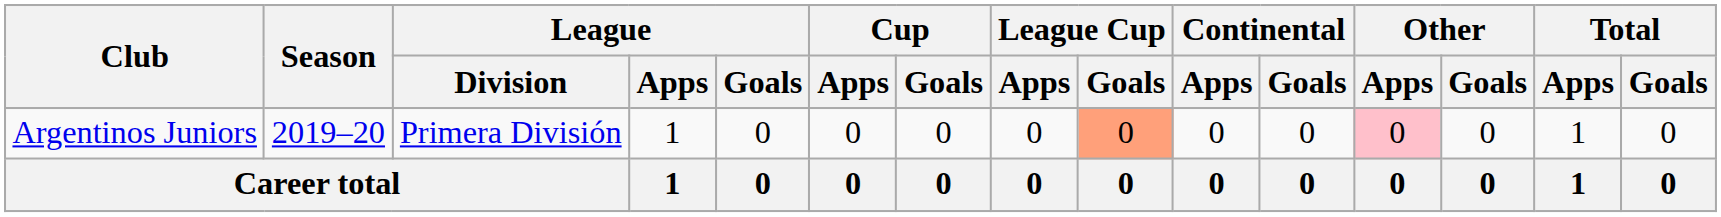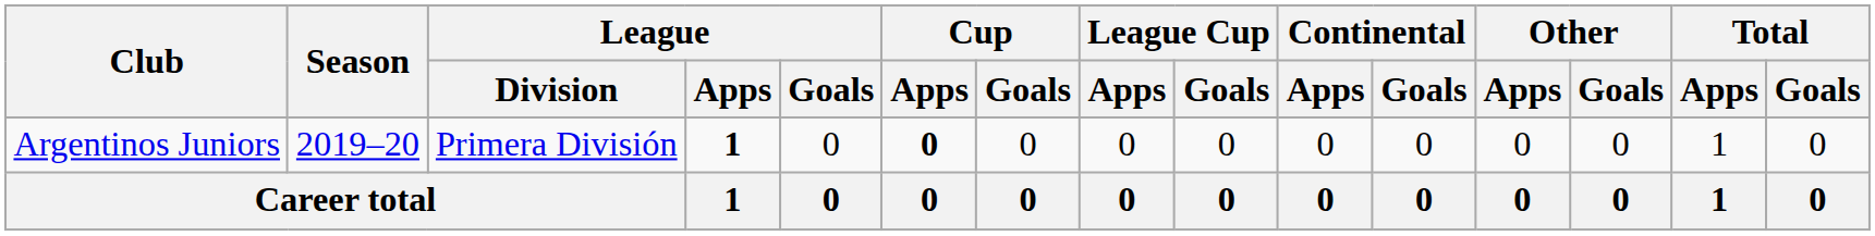 <table class="wikitable" style="text-align:center">
 <tr>
 <th rowspan="2">Club</th>
 <th rowspan="2">Season</th>
 <th colspan="3">League</th>
 <th colspan="2">Cup</th>
 <th colspan="2">League Cup</th>
 <th colspan="2">Continental</th>
 <th colspan="2">Other</th>
 <th colspan="2">Total</th>
 </tr>
 <tr>
 <th>Division</th>
 <th>Apps</th>
 <th>Goals</th>
 <th>Apps</th>
 <th>Goals</th>
 <th>Apps</th>
 <th>Goals</th>
 <th>Apps</th>
 <th>Goals</th>
 <th>Apps</th>
 <th>Goals</th>
 <th>Apps</th>
 <th>Goals</th>
 </tr>
 <tr>
 <td rowspan="1"><a href='#'>Argentinos Juniors</a></td>
 <td><a href='#'>2019–20</a></td>
 <td rowspan="1"><a href='#'>Primera División</a></td>
-<td>1</td>
+<td><strong>1</strong></td>
+<td>0</td>
+<td><strong>0</strong></td>
 <td>0</td>
 <td>0</td>
 <td>0</td>
 <td>0</td>
-<td style="background: lightsalmon;">0</td>
 <td>0</td>
 <td>0</td>
-<td style="background: pink;">0</td>
 <td>0</td>
 <td>1</td>
 <td>0</td>
 </tr>
 <tr>
 <th colspan="3">Career total</th>
 <th>1</th>
 <th>0</th>
 <th>0</th>
 <th>0</th>
 <th>0</th>
 <th>0</th>
 <th>0</th>
 <th>0</th>
 <th>0</th>
 <th>0</th>
 <th>1</th>
 <th>0</th>
 </tr>
 </table>
